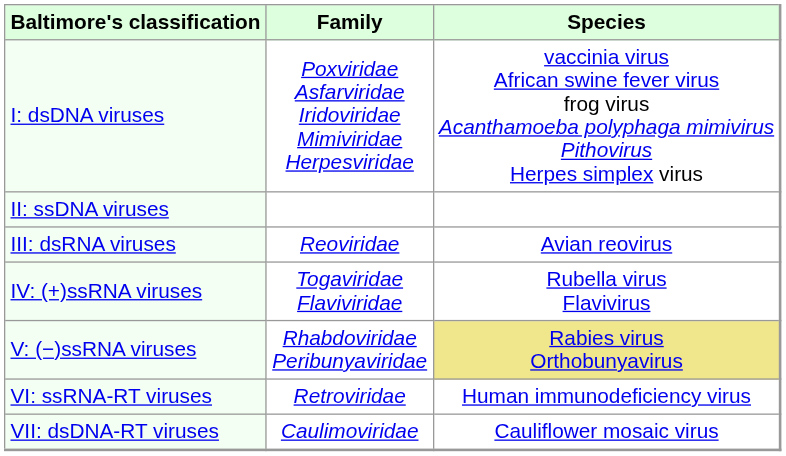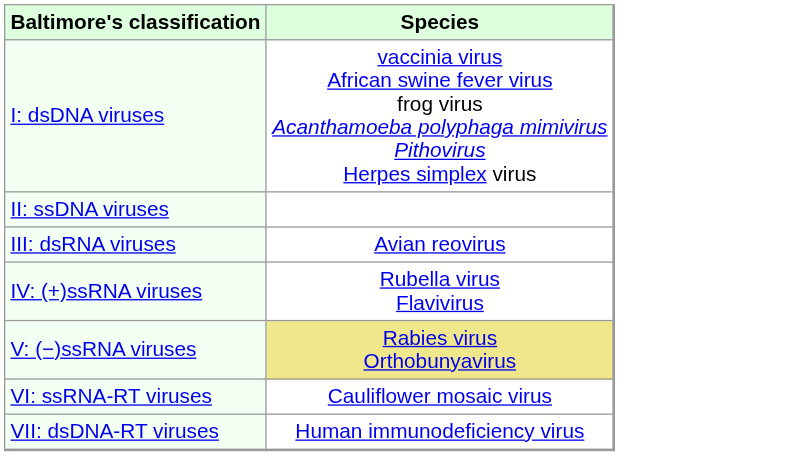 <table border=1 cellpadding=4 cellspacing=0 class="toccolours" style="align: left; margin: 0.5em 0 0 0; border-style: solid; border: 1px solid #999; border-right-width: 2px; border-bottom-width: 2px; border-collapse: collapse; font-size: 100%;">
 <tr>
 <td style="background:#ddffdd;"><strong>Baltimore's classification</strong></td>
-<td colspan=1 style="background:#ddffdd;" align="center"><strong>Family</strong></td>
 <td colspan=1 style="background:#ddffdd;" align="center"><strong>Species</strong></td>
 </tr>
 <tr>
 <td style="background:#f3fff3;"><a href='#'>I: dsDNA viruses</a></td>
-<td align="center"><em><a href='#'>Poxviridae</a></em> <br> <em><a href='#'>Asfarviridae</a></em> <br> <em><a href='#'>Iridoviridae</a></em> <br> <em><a href='#'>Mimiviridae</a></em><br><em><a href='#'>Herpesviridae</a></em></td>
 <td align="center"><a href='#'>vaccinia virus</a><br><a href='#'>African swine fever virus</a><br> frog virus <br> <em><a href='#'>Acanthamoeba polyphaga mimivirus</a></em> <br><em><a href='#'>Pithovirus</a></em> <br><a href='#'>Herpes simplex</a> virus</td>
 </tr>
 <tr>
 <td style="background:#f3fff3;"><a href='#'>II: ssDNA viruses</a></td>
 <td align="center"></td>
-<td align="center"></td>
 </tr>
 <tr>
 <td style="background:#f3fff3;"><a href='#'>III: dsRNA viruses</a></td>
-<td align="center"><em><a href='#'>Reoviridae</a></em></td>
 <td align="center"><a href='#'>Avian reovirus</a></td>
 </tr>
 <tr>
 <td style="background:#f3fff3;"><a href='#'>IV: (+)ssRNA viruses</a></td>
-<td align="center"><em><a href='#'>Togaviridae</a></em> <br> <em><a href='#'>Flaviviridae</a></em></td>
 <td align="center"><a href='#'>Rubella virus</a><br><a href='#'>Flavivirus</a></td>
 </tr>
 <tr>
 <td style="background:#f3fff3;"><a href='#'>V: (−)ssRNA viruses</a></td>
-<td align="center"><em><a href='#'>Rhabdoviridae</a></em><br><em><a href='#'>Peribunyaviridae</a></em></td>
 <td align="center" style="background: khaki;"><a href='#'>Rabies virus</a><br><a href='#'>Orthobunyavirus</a></td>
 </tr>
 <tr>
 <td style="background:#f3fff3;"><a href='#'>VI: ssRNA-RT viruses</a></td>
-<td align="center"><em><a href='#'>Retroviridae</a></em></td>
-<td align="center"><a href='#'>Human immunodeficiency virus</a></td>
+<td align="center"><a href='#'>Cauliflower mosaic virus</a></td>
 </tr>
 <tr>
 <td style="background:#f3fff3;"><a href='#'>VII: dsDNA-RT viruses</a></td>
-<td align="center"><em><a href='#'>Caulimoviridae</a></em></td>
-<td align="center"><a href='#'>Cauliflower mosaic virus</a></td>
+<td align="center"><a href='#'>Human immunodeficiency virus</a></td>
 </tr>
 </table>
